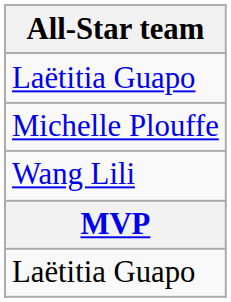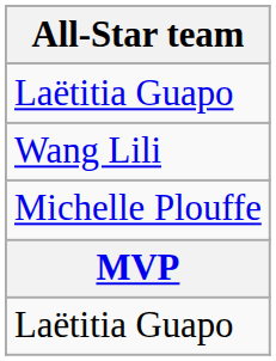 <table class="wikitable plainrowheaders">
 <tr>
 <th scope="col" colspan=2>All-Star team</th>
 </tr>
 <tr>
 <td> <a href='#'>Laëtitia Guapo</a></td>
 </tr>
 <tr>
-<td> <a href='#'>Michelle Plouffe</a></td>
+<td> <a href='#'>Wang Lili</a></td>
 </tr>
 <tr>
-<td> <a href='#'>Wang Lili</a></td>
+<td> <a href='#'>Michelle Plouffe</a></td>
 </tr>
 <tr>
 <th scope="col" colspan=2><a href='#'>MVP</a></th>
 </tr>
 <tr>
 <td> Laëtitia Guapo</td>
 </tr>
 </table>
